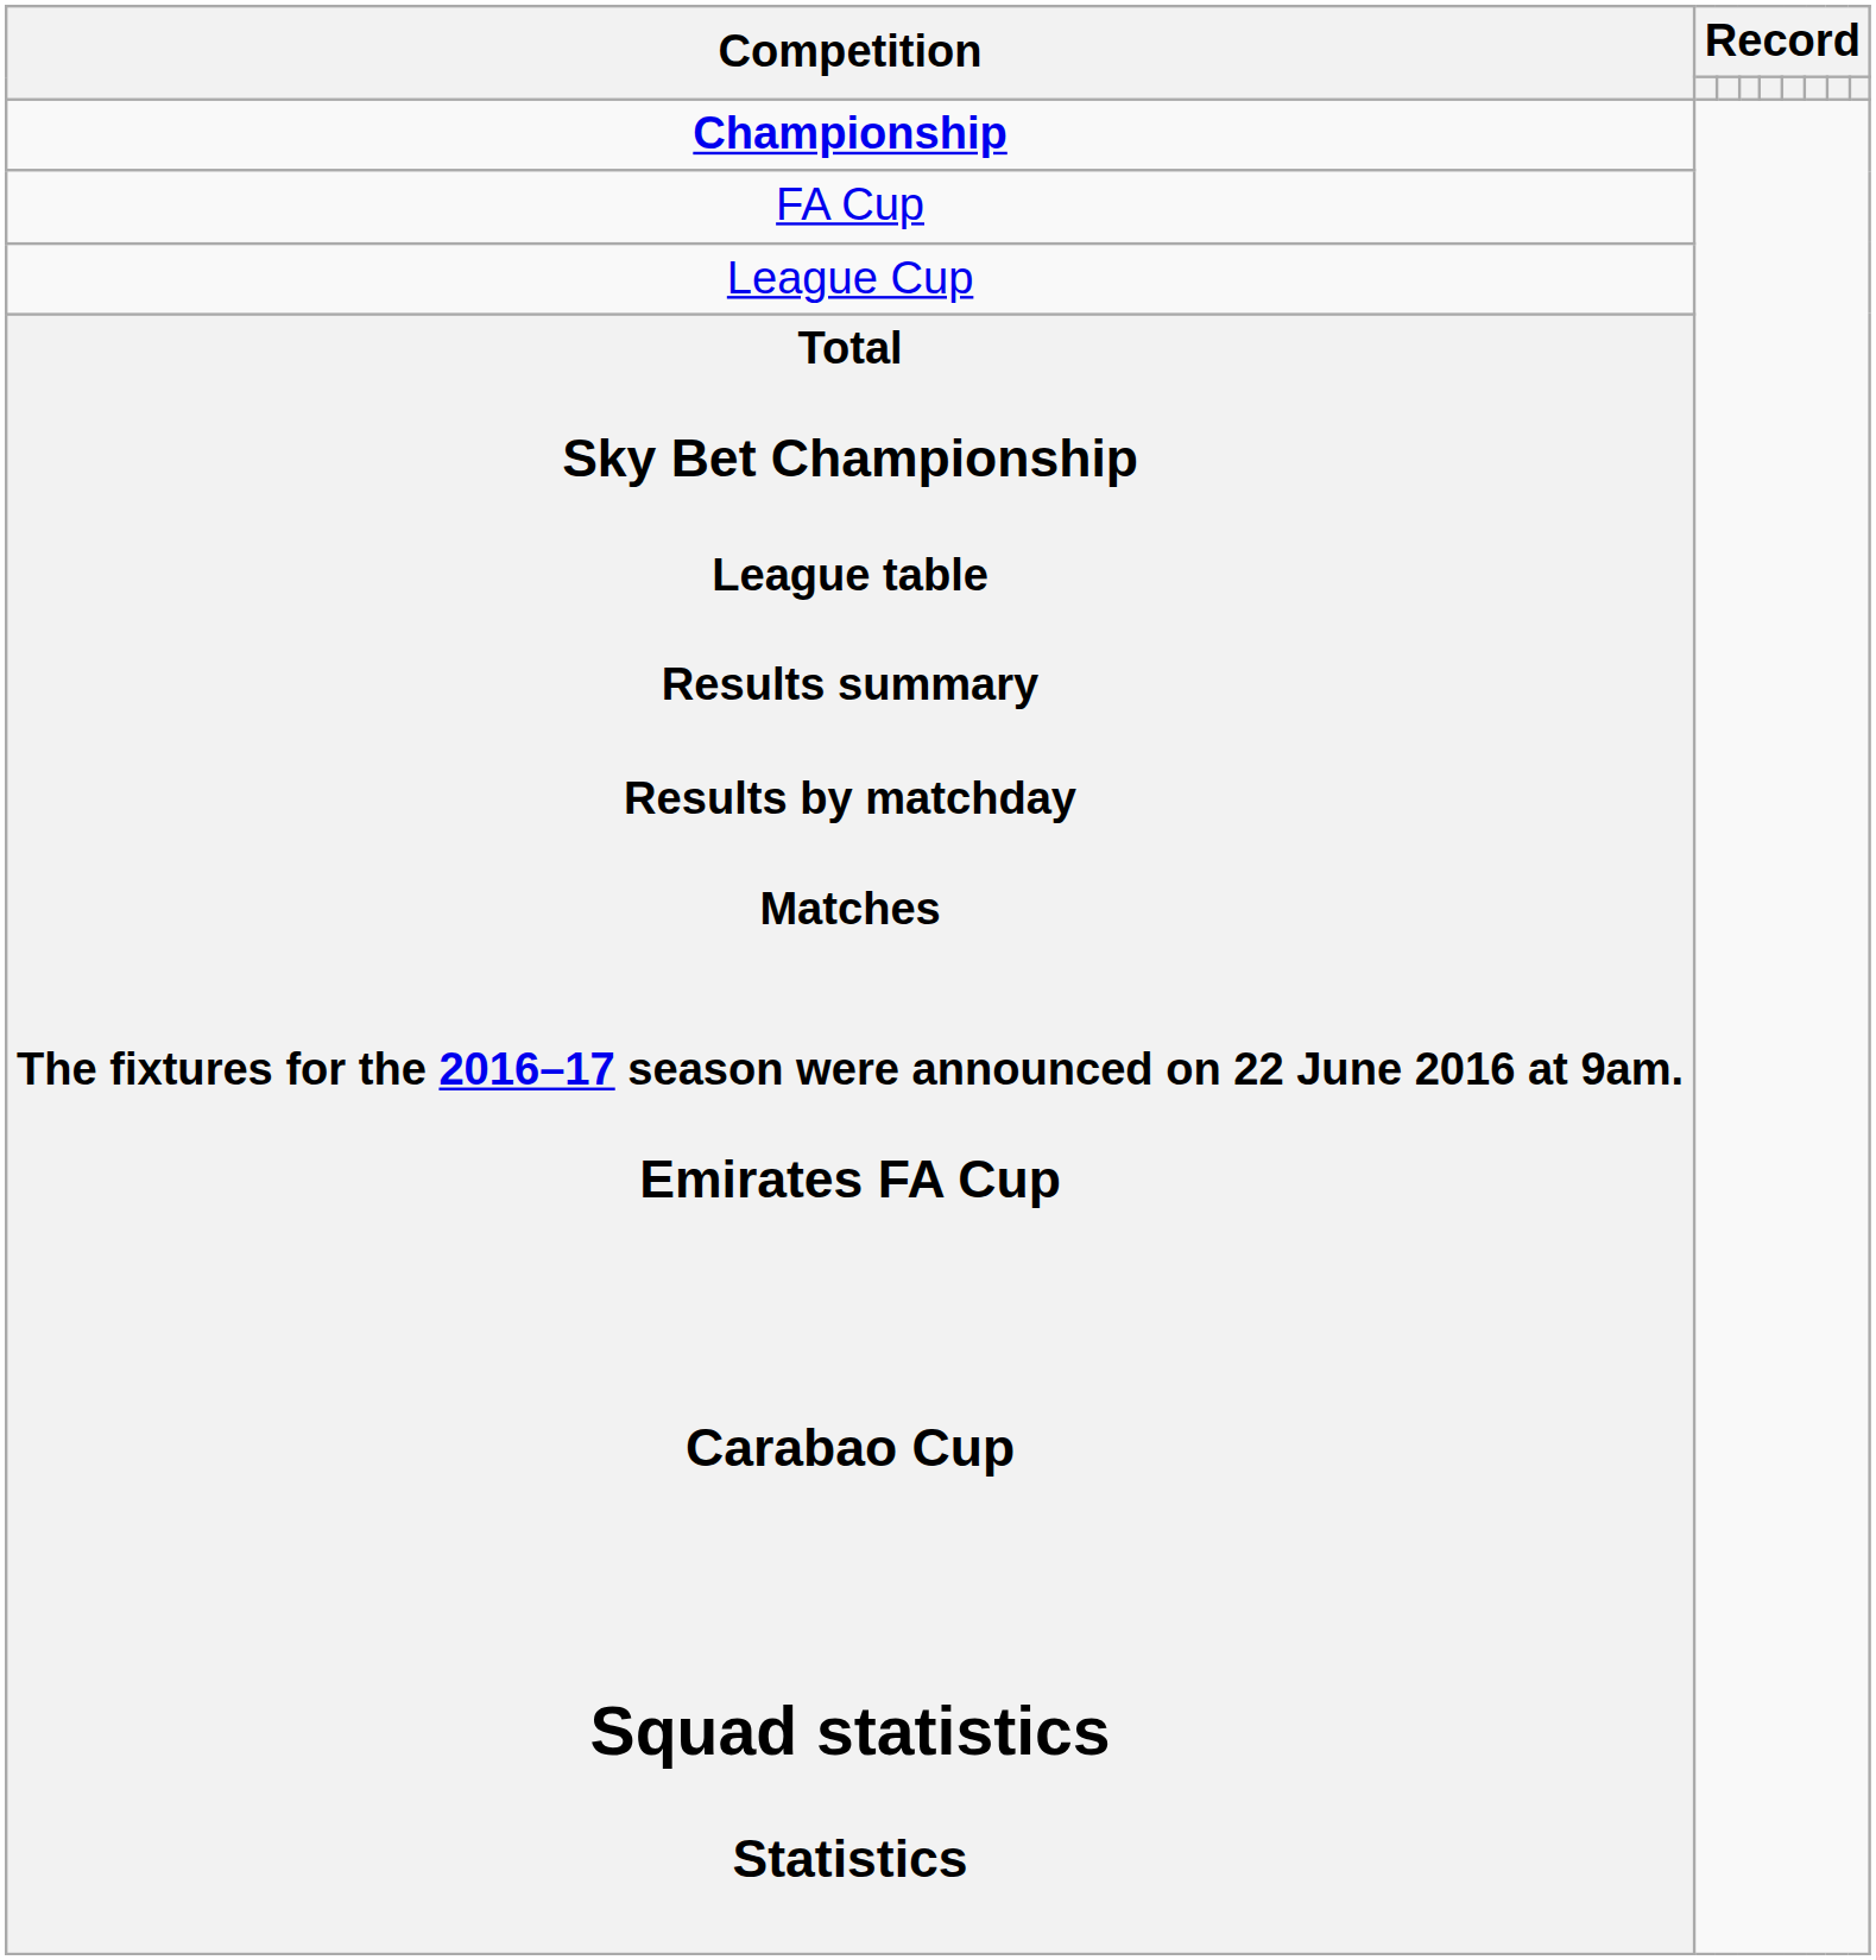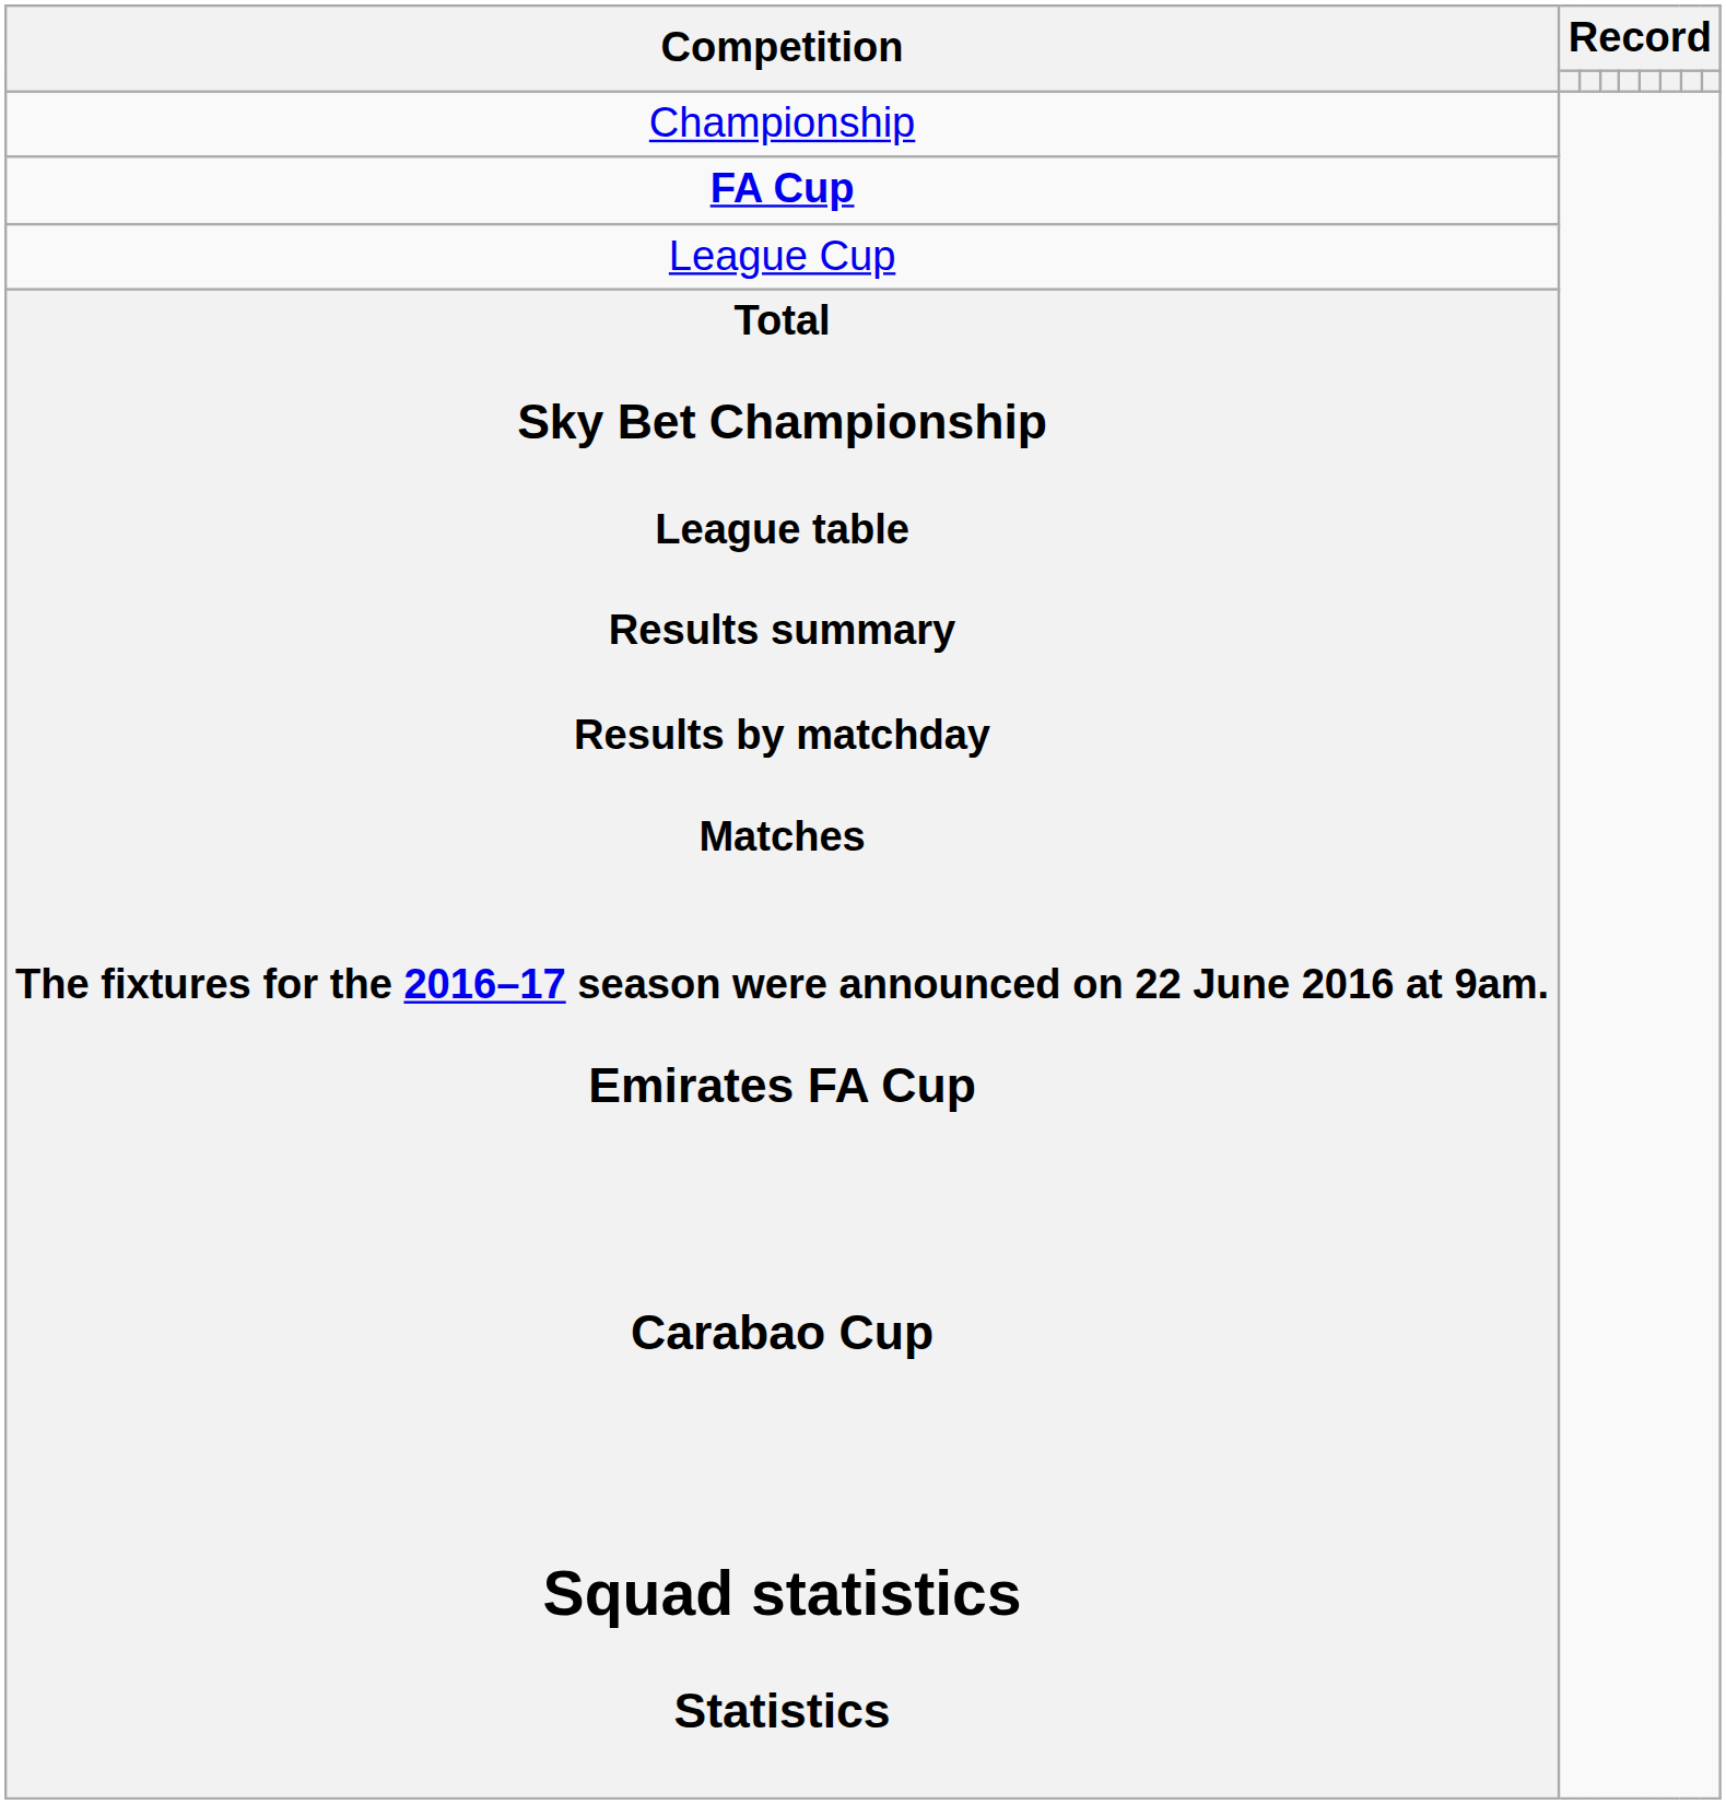 <table class="wikitable" style="text-align: center">
 <tr>
 <th rowspan=2>Competition</th>
 <th colspan=8>Record</th>
 </tr>
 <tr>
 <th></th>
 <th></th>
 <th></th>
 <th></th>
 <th></th>
 <th></th>
 <th></th>
 <th></th>
 </tr>
 <tr>
-<td><strong><a href='#'>Championship</a><br></strong></td>
+<td><a href='#'>Championship</a><br></td>
 </tr>
 <tr>
-<td><a href='#'>FA Cup</a><br></td>
+<td><strong><a href='#'>FA Cup</a><br></strong></td>
 </tr>
 <tr>
 <td><a href='#'>League Cup</a><br></td>
 </tr>
 <tr>
 <th>Total<br> <h3>Sky Bet Championship</h3><h4>League table</h4><h4>Results summary</h4> <h4>Results by matchday</h4> <h4>Matches</h4>  <br>The fixtures for the <a href='#'>2016–17</a> season were announced on 22 June 2016 at 9am.<br>                                             <h3>Emirates FA Cup</h3><br>  <br><h3>Carabao Cup</h3><br>  <br>  <h2>Squad statistics</h2><h3>Statistics</h3>                                              </th>
 </tr>
 </table>
